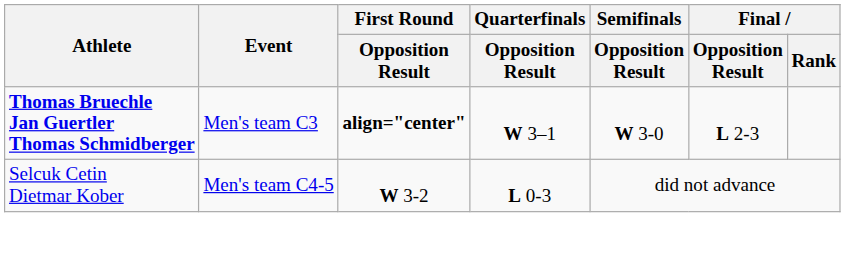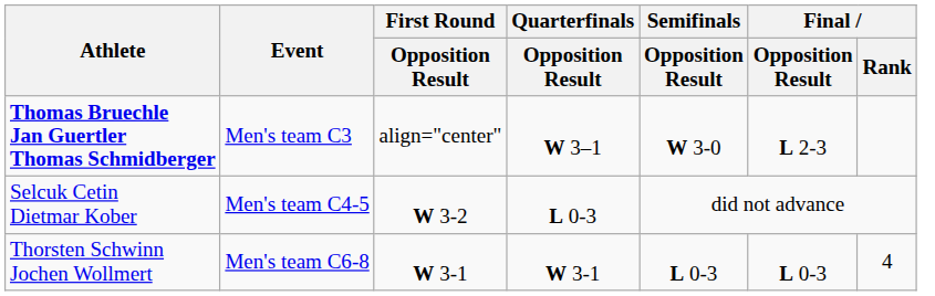 <table class=wikitable>
 <tr>
 <th rowspan="2">Athlete</th>
 <th rowspan="2">Event</th>
 <th>First Round</th>
 <th>Quarterfinals</th>
 <th>Semifinals</th>
 <th colspan="2">Final / </th>
 </tr>
 <tr>
 <th>Opposition<br>Result</th>
 <th>Opposition<br>Result</th>
 <th>Opposition<br>Result</th>
 <th>Opposition<br>Result</th>
 <th>Rank</th>
 </tr>
 <tr>
 <td><strong><a href='#'>Thomas Bruechle</a></strong><br> <strong><a href='#'>Jan Guertler</a></strong><br> <strong><a href='#'>Thomas Schmidberger</a></strong></td>
 <td><a href='#'>Men's team C3</a></td>
-<td><strong>align="center" </strong></td>
+<td>align="center" </td>
 <td align="center"><br><strong>W</strong> 3–1</td>
 <td align="center"><br><strong>W</strong> 3-0</td>
 <td align="center"><br><strong>L</strong> 2-3</td>
 <td align="center"></td>
 </tr>
 <tr>
 <td><a href='#'>Selcuk Cetin</a><br> <a href='#'>Dietmar Kober</a></td>
 <td><a href='#'>Men's team C4-5</a></td>
 <td align="center"><br><strong>W</strong> 3-2</td>
 <td align="center"><br><strong>L</strong> 0-3</td>
 <td align="center" colspan="3">did not advance</td>
 </tr>
+<tr>
+<td><a href='#'>Thorsten Schwinn</a><br> <a href='#'>Jochen Wollmert</a></td>
+<td><a href='#'>Men's team C6-8</a></td>
+<td align="center"><br><strong>W</strong> 3-1</td>
+<td align="center"><br><strong>W</strong> 3-1</td>
+<td align="center"><br><strong>L</strong> 0-3</td>
+<td align="center"><br><strong>L</strong> 0-3</td>
+<td align="center">4</td>
+</tr>
 </table>
